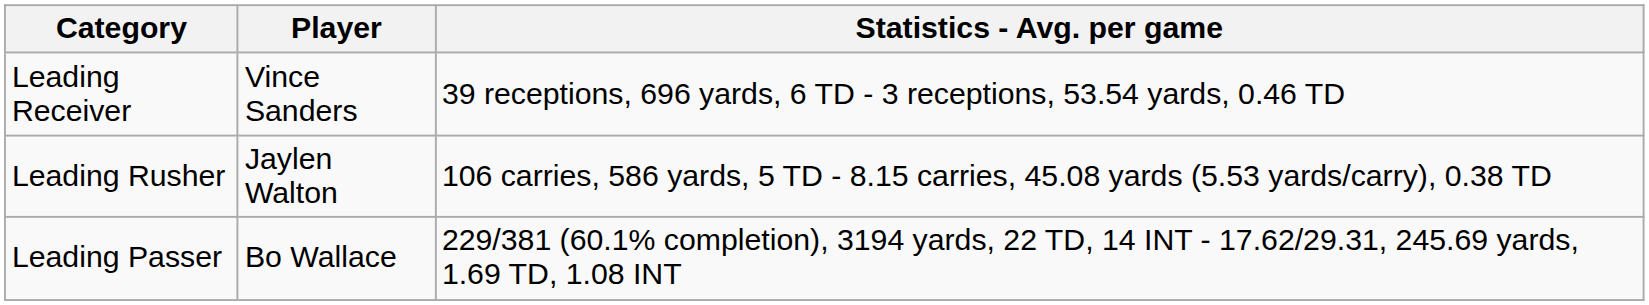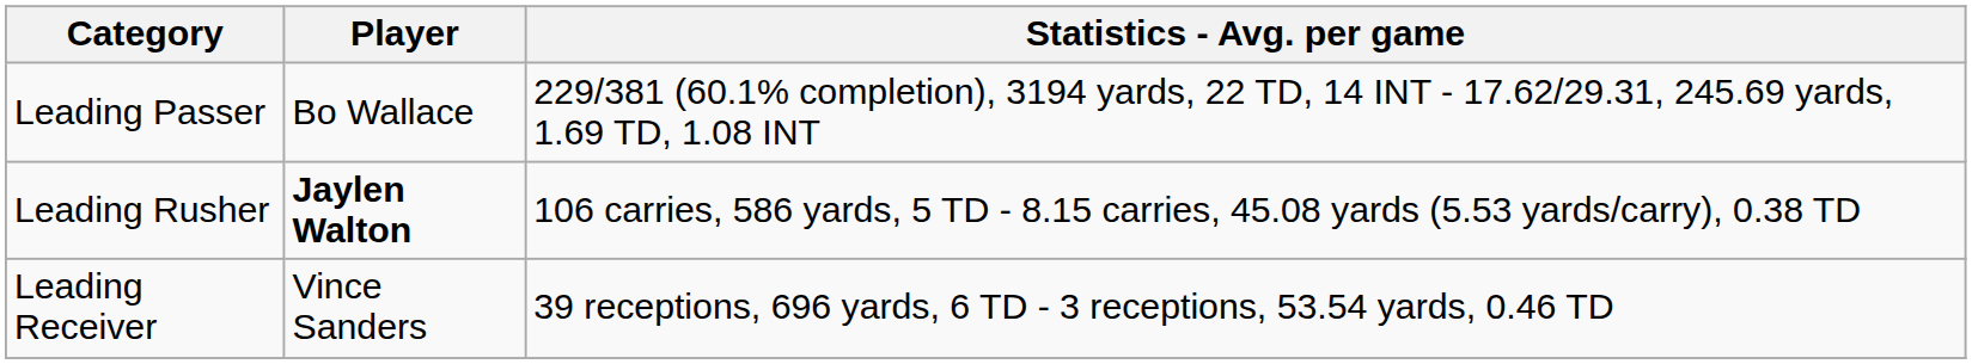 <table class="wikitable" style="float: left;">
 <tr>
 <th>Category</th>
 <th>Player</th>
 <th>Statistics - Avg. per game</th>
 </tr>
 <tr>
+<td>Leading Passer</td>
+<td>Bo Wallace</td>
+<td>229/381 (60.1% completion), 3194 yards, 22 TD, 14 INT - 17.62/29.31, 245.69 yards, 1.69 TD, 1.08 INT</td>
+</tr>
+<tr>
+<td>Leading Rusher</td>
+<td><strong>Jaylen Walton</strong></td>
+<td>106 carries, 586 yards, 5 TD - 8.15 carries, 45.08 yards (5.53 yards/carry), 0.38 TD</td>
+</tr>
+<tr>
 <td>Leading Receiver</td>
 <td>Vince Sanders</td>
 <td>39 receptions, 696 yards, 6 TD - 3 receptions, 53.54 yards, 0.46 TD</td>
 </tr>
-<tr>
-<td>Leading Rusher</td>
-<td>Jaylen Walton</td>
-<td>106 carries, 586 yards, 5 TD - 8.15 carries, 45.08 yards (5.53 yards/carry), 0.38 TD</td>
-</tr>
-<tr>
-<td>Leading Passer</td>
-<td>Bo Wallace</td>
-<td>229/381 (60.1% completion), 3194 yards, 22 TD, 14 INT - 17.62/29.31, 245.69 yards, 1.69 TD, 1.08 INT</td>
-</tr>
 </table>
